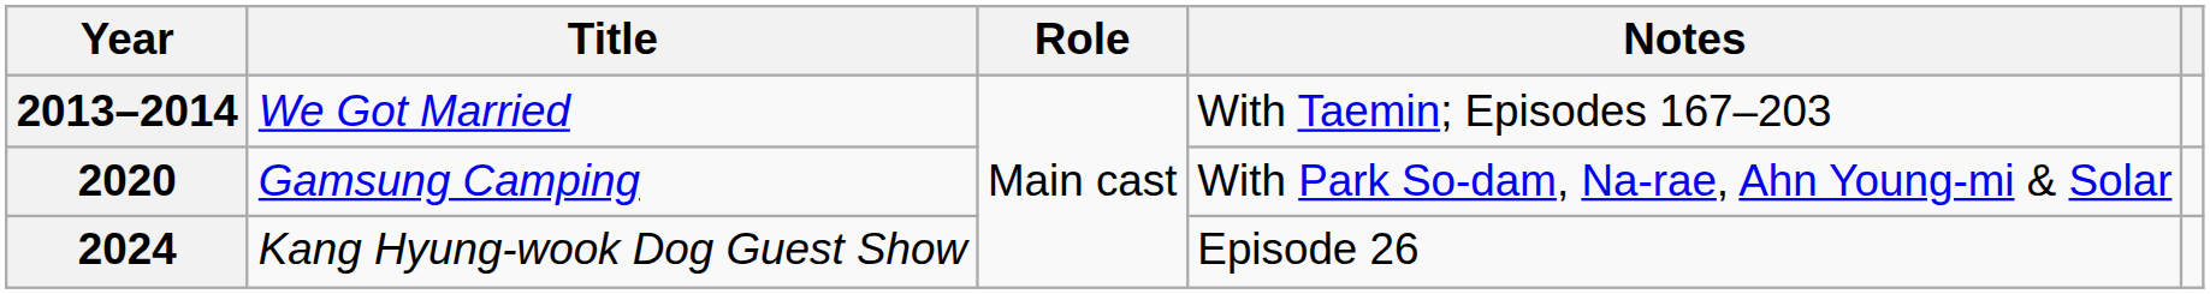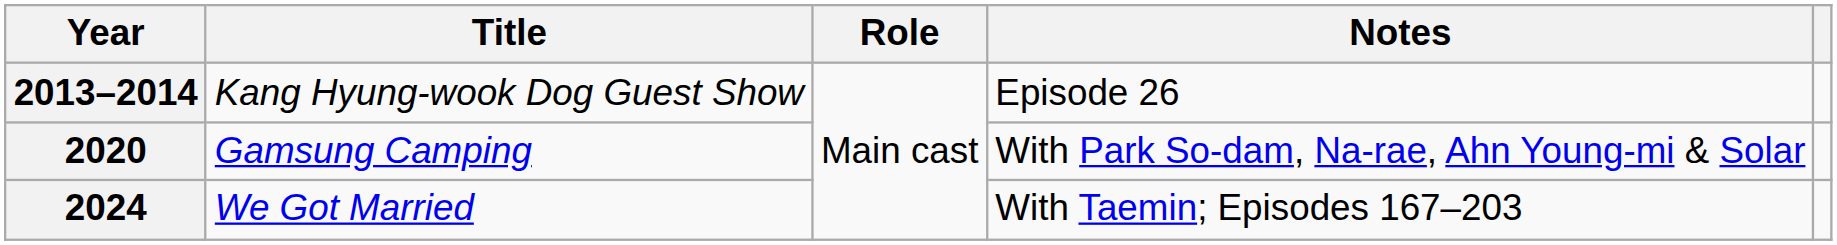 <table class="wikitable plainrowheaders sortable">
 <tr>
 <th scope="col">Year</th>
 <th scope="col">Title</th>
 <th scope="col">Role</th>
 <th scope="col">Notes</th>
 <th scope="col" class="unsortable"></th>
 </tr>
 <tr>
 <th scope="row">2013–2014</th>
-<td><em><a href='#'>We Got Married</a></em></td>
+<td><em>Kang Hyung-wook Dog Guest Show</em></td>
 <td rowspan="3">Main cast</td>
-<td>With <a href='#'>Taemin</a>; Episodes 167–203</td>
+<td>Episode 26</td>
 <td style="text-align:center"></td>
 </tr>
 <tr>
 <th scope="row">2020</th>
 <td><em><a href='#'>Gamsung Camping</a></em></td>
 <td>With <a href='#'>Park So-dam</a>, <a href='#'>Na-rae</a>, <a href='#'>Ahn Young-mi</a> & <a href='#'>Solar</a></td>
 <td style="text-align:center"></td>
 </tr>
 <tr>
 <th scope="row">2024</th>
-<td><em>Kang Hyung-wook Dog Guest Show</em></td>
-<td>Episode 26</td>
+<td><em><a href='#'>We Got Married</a></em></td>
+<td>With <a href='#'>Taemin</a>; Episodes 167–203</td>
 </tr>
 </table>
